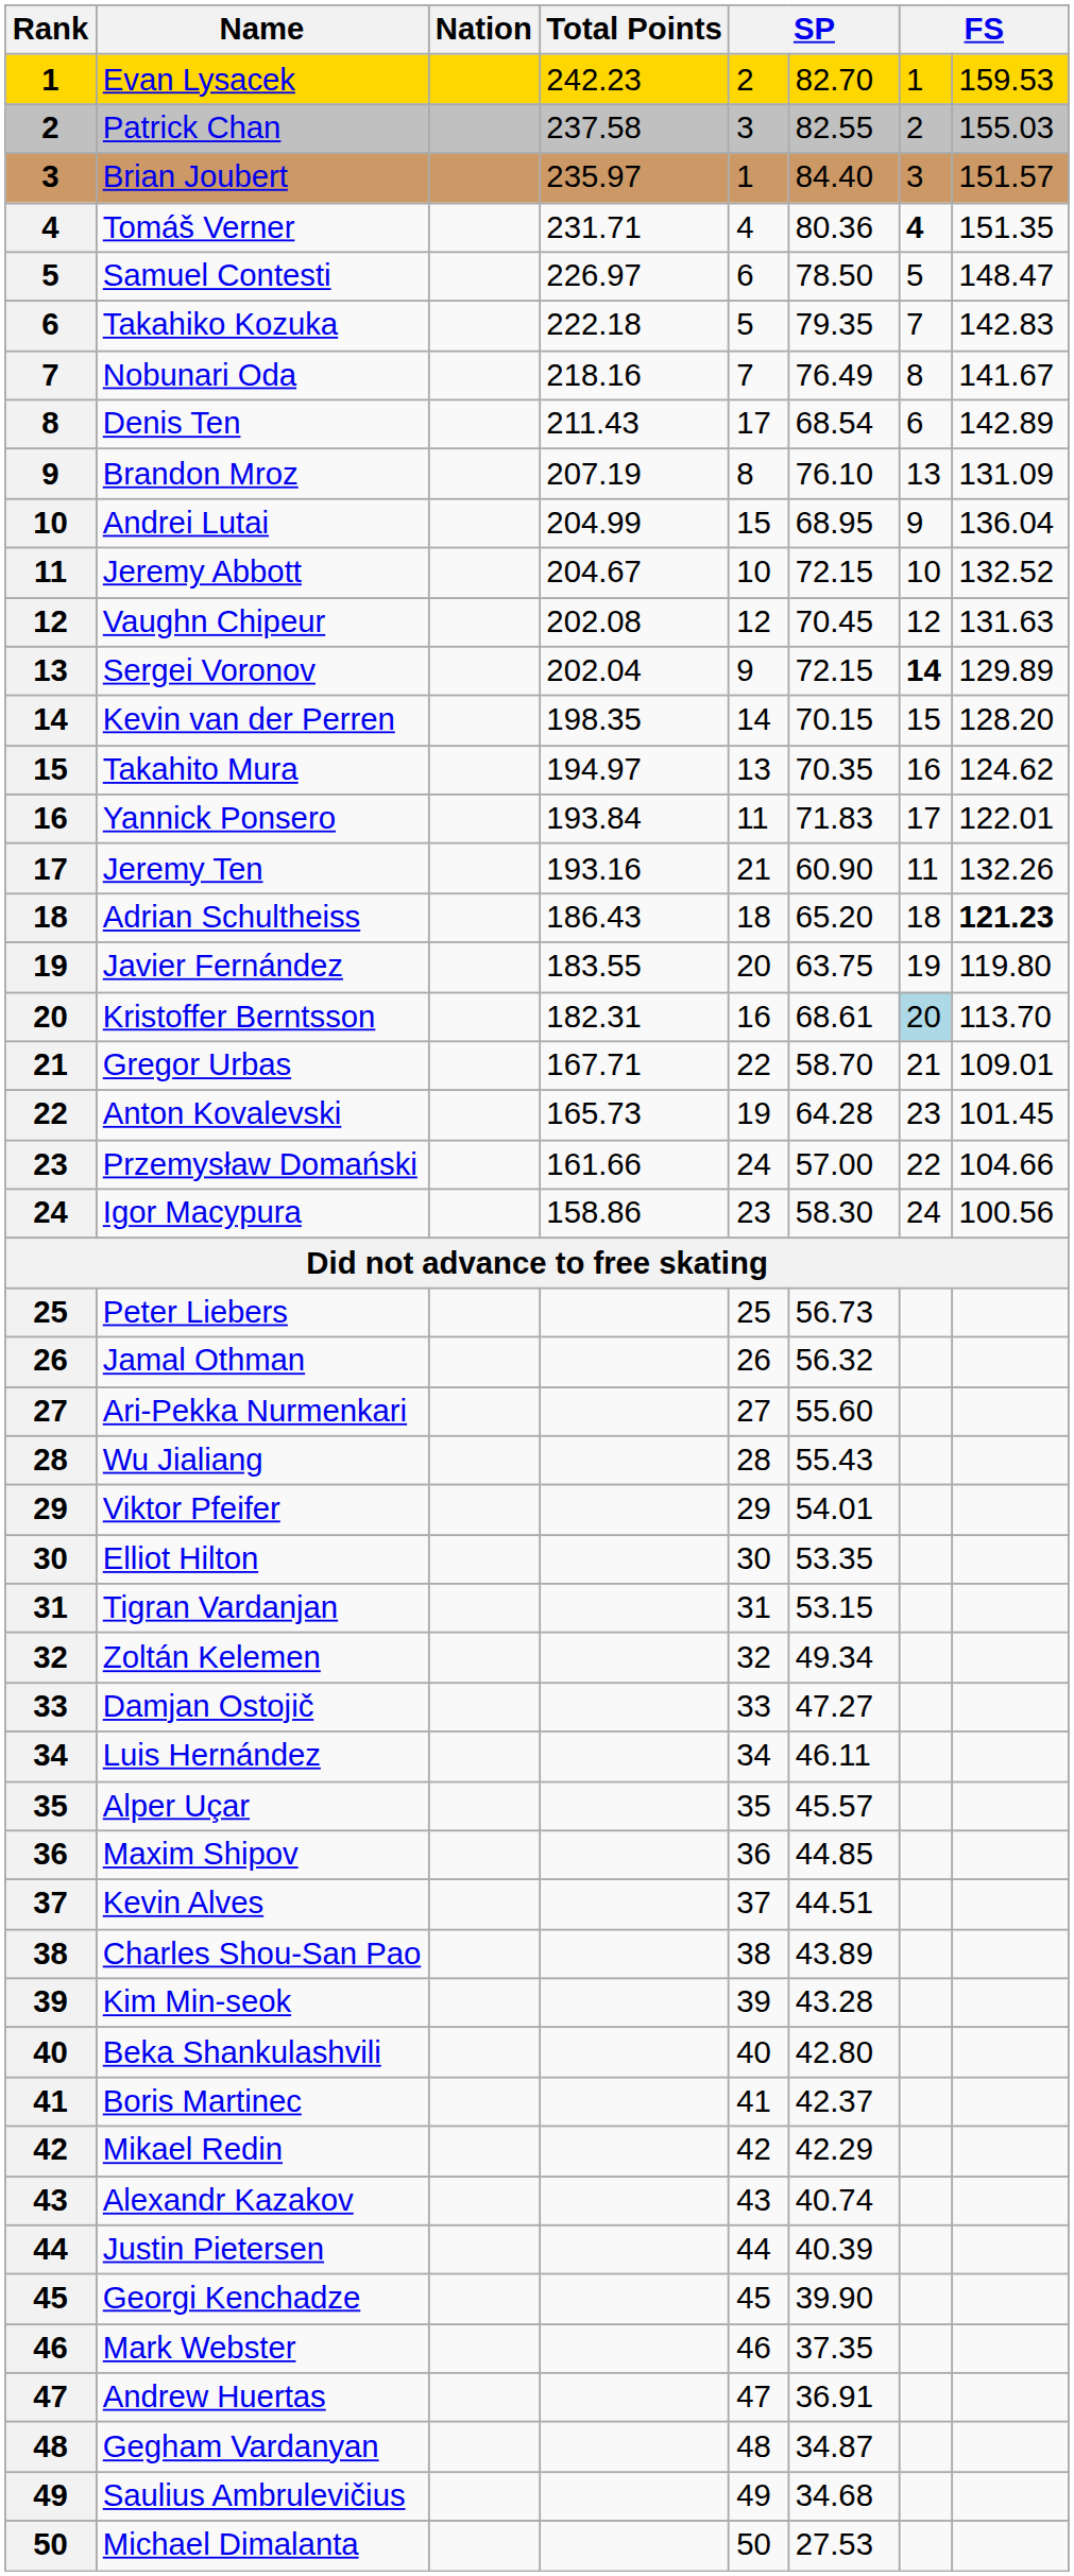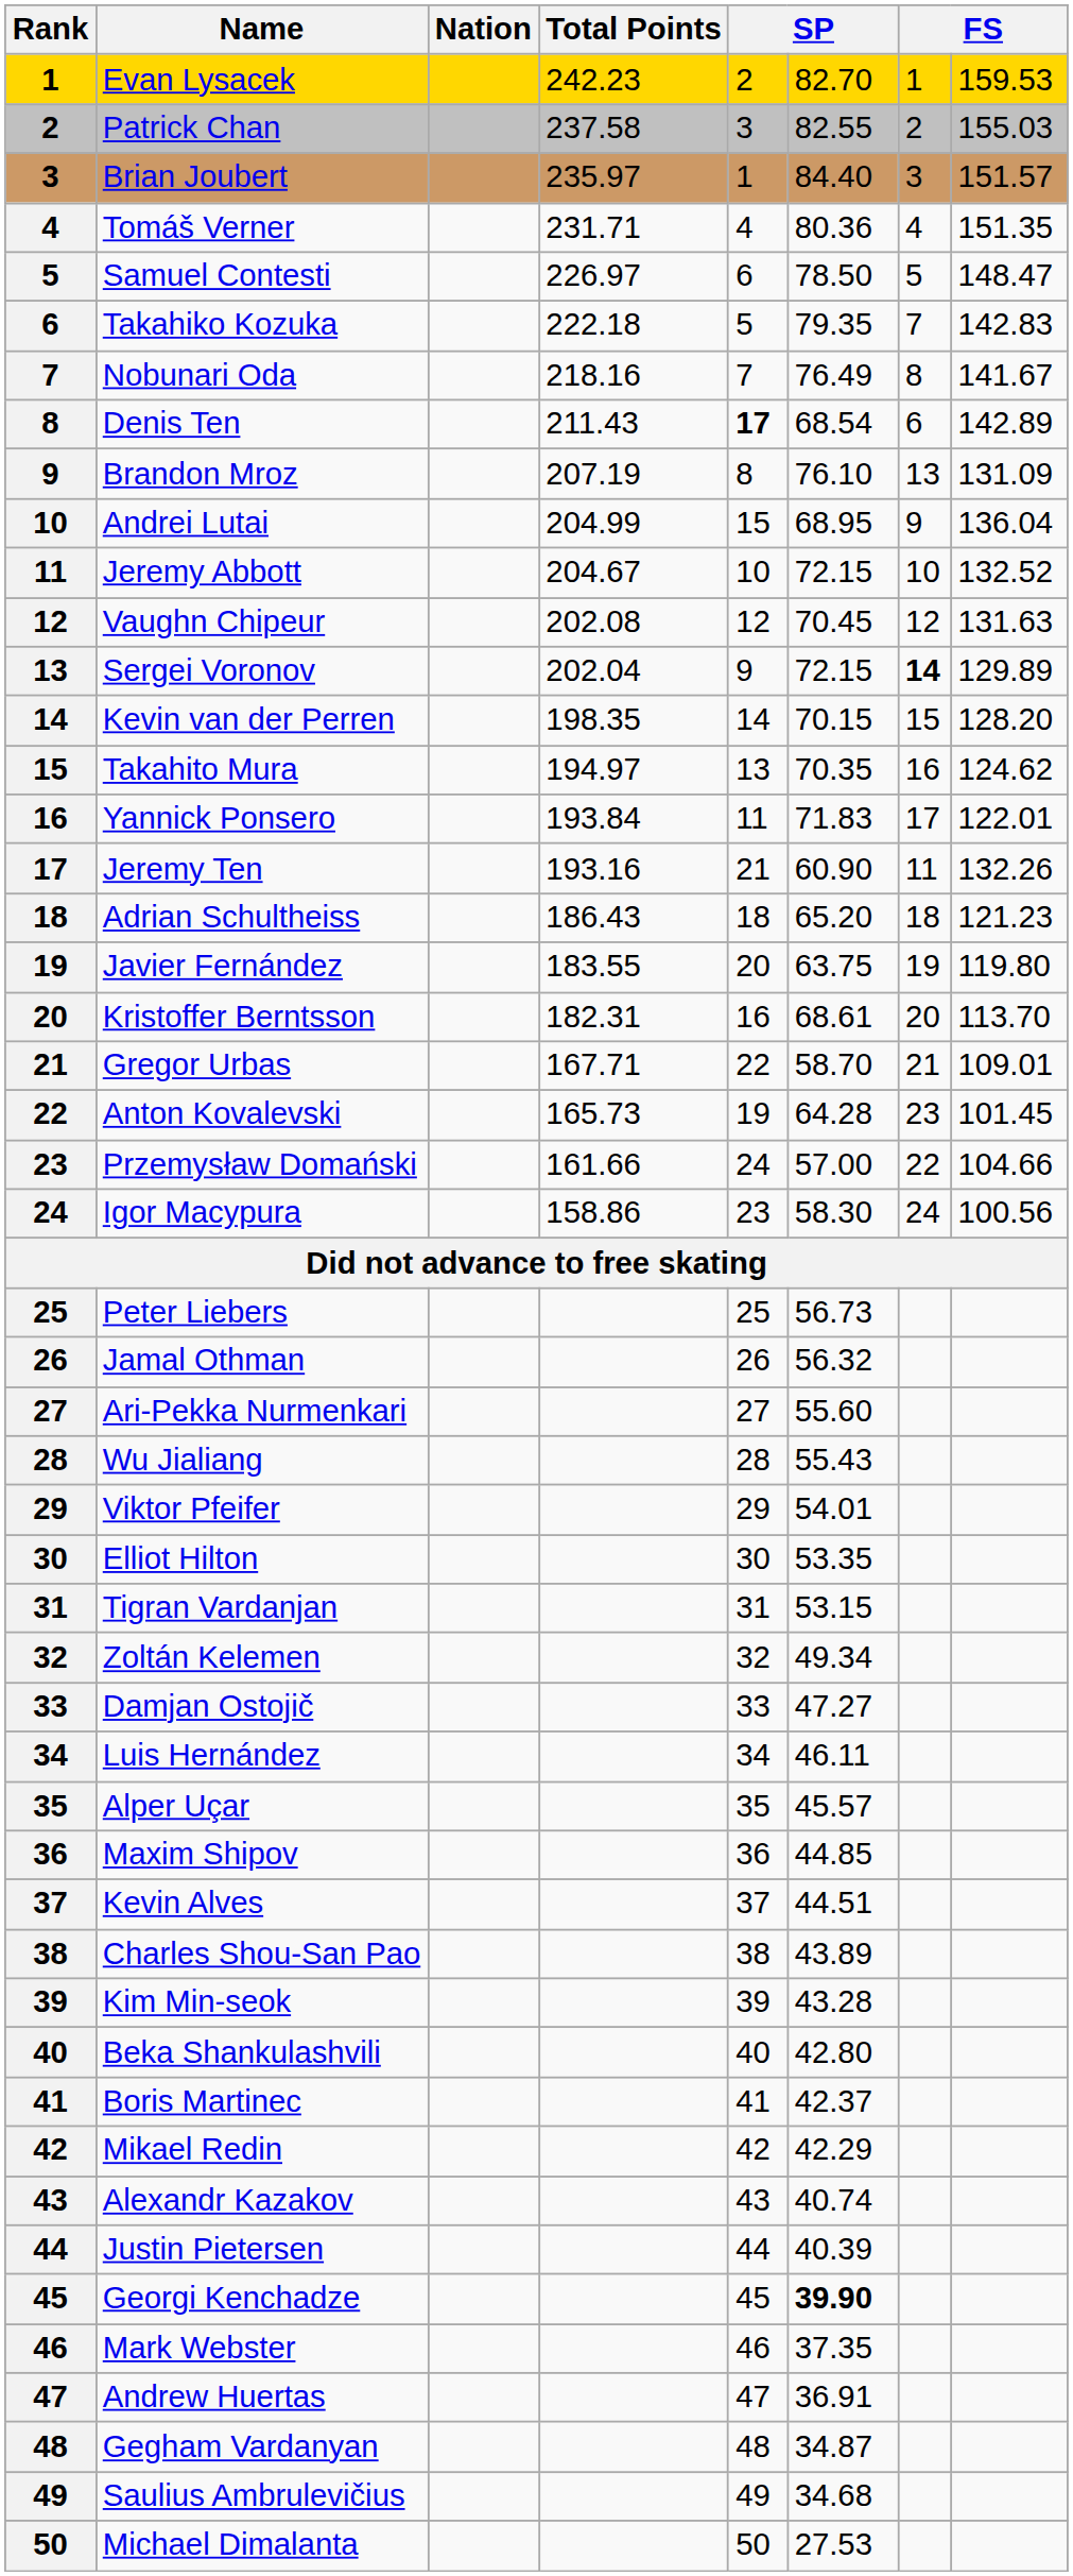 <table class="wikitable">
 <tr>
 <th>Rank</th>
 <th>Name</th>
 <th>Nation</th>
 <th>Total Points</th>
 <th colspan="2" width="80px"><a href='#'>SP</a></th>
 <th colspan="2" width="80px"><a href='#'>FS</a></th>
 </tr>
 <tr bgcolor="gold">
 <td align="center"><strong>1</strong></td>
 <td><a href='#'>Evan Lysacek</a></td>
 <td></td>
 <td>242.23</td>
 <td>2</td>
 <td>82.70</td>
 <td>1</td>
 <td>159.53</td>
 </tr>
 <tr bgcolor="silver">
 <td align="center"><strong>2</strong></td>
 <td><a href='#'>Patrick Chan</a></td>
 <td></td>
 <td>237.58</td>
 <td>3</td>
 <td>82.55</td>
 <td>2</td>
 <td>155.03</td>
 </tr>
 <tr bgcolor="cc9966">
 <td align="center"><strong>3</strong></td>
 <td><a href='#'>Brian Joubert</a></td>
 <td></td>
 <td>235.97</td>
 <td>1</td>
 <td>84.40</td>
 <td>3</td>
 <td>151.57</td>
 </tr>
 <tr>
 <th>4</th>
 <td><a href='#'>Tomáš Verner</a></td>
 <td></td>
 <td>231.71</td>
 <td>4</td>
 <td>80.36</td>
-<td><strong>4</strong></td>
+<td>4</td>
 <td>151.35</td>
 </tr>
 <tr>
 <th>5</th>
 <td><a href='#'>Samuel Contesti</a></td>
 <td></td>
 <td>226.97</td>
 <td>6</td>
 <td>78.50</td>
 <td>5</td>
 <td>148.47</td>
 </tr>
 <tr>
 <th>6</th>
 <td><a href='#'>Takahiko Kozuka</a></td>
 <td></td>
 <td>222.18</td>
 <td>5</td>
 <td>79.35</td>
 <td>7</td>
 <td>142.83</td>
 </tr>
 <tr>
 <th>7</th>
 <td><a href='#'>Nobunari Oda</a></td>
 <td></td>
 <td>218.16</td>
 <td>7</td>
 <td>76.49</td>
 <td>8</td>
 <td>141.67</td>
 </tr>
 <tr>
 <th>8</th>
 <td><a href='#'>Denis Ten</a></td>
 <td></td>
 <td>211.43</td>
-<td>17</td>
+<td><strong>17</strong></td>
 <td>68.54</td>
 <td>6</td>
 <td>142.89</td>
 </tr>
 <tr>
 <th>9</th>
 <td><a href='#'>Brandon Mroz</a></td>
 <td></td>
 <td>207.19</td>
 <td>8</td>
 <td>76.10</td>
 <td>13</td>
 <td>131.09</td>
 </tr>
 <tr>
 <th>10</th>
 <td><a href='#'>Andrei Lutai</a></td>
 <td></td>
 <td>204.99</td>
 <td>15</td>
 <td>68.95</td>
 <td>9</td>
 <td>136.04</td>
 </tr>
 <tr>
 <th>11</th>
 <td><a href='#'>Jeremy Abbott</a></td>
 <td></td>
 <td>204.67</td>
 <td>10</td>
 <td>72.15</td>
 <td>10</td>
 <td>132.52</td>
 </tr>
 <tr>
 <th>12</th>
 <td><a href='#'>Vaughn Chipeur</a></td>
 <td></td>
 <td>202.08</td>
 <td>12</td>
 <td>70.45</td>
 <td>12</td>
 <td>131.63</td>
 </tr>
 <tr>
 <th>13</th>
 <td><a href='#'>Sergei Voronov</a></td>
 <td></td>
 <td>202.04</td>
 <td>9</td>
 <td>72.15</td>
 <td><strong>14</strong></td>
 <td>129.89</td>
 </tr>
 <tr>
 <th>14</th>
 <td><a href='#'>Kevin van der Perren</a></td>
 <td></td>
 <td>198.35</td>
 <td>14</td>
 <td>70.15</td>
 <td>15</td>
 <td>128.20</td>
 </tr>
 <tr>
 <th>15</th>
 <td><a href='#'>Takahito Mura</a></td>
 <td></td>
 <td>194.97</td>
 <td>13</td>
 <td>70.35</td>
 <td>16</td>
 <td>124.62</td>
 </tr>
 <tr>
 <th>16</th>
 <td><a href='#'>Yannick Ponsero</a></td>
 <td></td>
 <td>193.84</td>
 <td>11</td>
 <td>71.83</td>
 <td>17</td>
 <td>122.01</td>
 </tr>
 <tr>
 <th>17</th>
 <td><a href='#'>Jeremy Ten</a></td>
 <td></td>
 <td>193.16</td>
 <td>21</td>
 <td>60.90</td>
 <td>11</td>
 <td>132.26</td>
 </tr>
 <tr>
 <th>18</th>
 <td><a href='#'>Adrian Schultheiss</a></td>
 <td></td>
 <td>186.43</td>
 <td>18</td>
 <td>65.20</td>
 <td>18</td>
-<td><strong>121.23</strong></td>
+<td>121.23</td>
 </tr>
 <tr>
 <th>19</th>
 <td><a href='#'>Javier Fernández</a></td>
 <td></td>
 <td>183.55</td>
 <td>20</td>
 <td>63.75</td>
 <td>19</td>
 <td>119.80</td>
 </tr>
 <tr>
 <th>20</th>
 <td><a href='#'>Kristoffer Berntsson</a></td>
 <td></td>
 <td>182.31</td>
 <td>16</td>
 <td>68.61</td>
-<td style="background: lightblue;">20</td>
+<td>20</td>
 <td>113.70</td>
 </tr>
 <tr>
 <th>21</th>
 <td><a href='#'>Gregor Urbas</a></td>
 <td></td>
 <td>167.71</td>
 <td>22</td>
 <td>58.70</td>
 <td>21</td>
 <td>109.01</td>
 </tr>
 <tr>
 <th>22</th>
 <td><a href='#'>Anton Kovalevski</a></td>
 <td></td>
 <td>165.73</td>
 <td>19</td>
 <td>64.28</td>
 <td>23</td>
 <td>101.45</td>
 </tr>
 <tr>
 <th>23</th>
 <td><a href='#'>Przemysław Domański</a></td>
 <td></td>
 <td>161.66</td>
 <td>24</td>
 <td>57.00</td>
 <td>22</td>
 <td>104.66</td>
 </tr>
 <tr>
 <th>24</th>
 <td><a href='#'>Igor Macypura</a></td>
 <td></td>
 <td>158.86</td>
 <td>23</td>
 <td>58.30</td>
 <td>24</td>
 <td>100.56</td>
 </tr>
 <tr>
 <th colspan=8>Did not advance to free skating</th>
 </tr>
 <tr>
 <th>25</th>
 <td><a href='#'>Peter Liebers</a></td>
 <td></td>
 <td></td>
 <td>25</td>
 <td>56.73</td>
 <td></td>
 <td></td>
 </tr>
 <tr>
 <th>26</th>
 <td><a href='#'>Jamal Othman</a></td>
 <td></td>
 <td></td>
 <td>26</td>
 <td>56.32</td>
 <td></td>
 <td></td>
 </tr>
 <tr>
 <th>27</th>
 <td><a href='#'>Ari-Pekka Nurmenkari</a></td>
 <td></td>
 <td></td>
 <td>27</td>
 <td>55.60</td>
 <td></td>
 <td></td>
 </tr>
 <tr>
 <th>28</th>
 <td><a href='#'>Wu Jialiang</a></td>
 <td></td>
 <td></td>
 <td>28</td>
 <td>55.43</td>
 <td></td>
 <td></td>
 </tr>
 <tr>
 <th>29</th>
 <td><a href='#'>Viktor Pfeifer</a></td>
 <td></td>
 <td></td>
 <td>29</td>
 <td>54.01</td>
 <td></td>
 <td></td>
 </tr>
 <tr>
 <th>30</th>
 <td><a href='#'>Elliot Hilton</a></td>
 <td></td>
 <td></td>
 <td>30</td>
 <td>53.35</td>
 <td></td>
 <td></td>
 </tr>
 <tr>
 <th>31</th>
 <td><a href='#'>Tigran Vardanjan</a></td>
 <td></td>
 <td></td>
 <td>31</td>
 <td>53.15</td>
 <td></td>
 <td></td>
 </tr>
 <tr>
 <th>32</th>
 <td><a href='#'>Zoltán Kelemen</a></td>
 <td></td>
 <td></td>
 <td>32</td>
 <td>49.34</td>
 <td></td>
 <td></td>
 </tr>
 <tr>
 <th>33</th>
 <td><a href='#'>Damjan Ostojič</a></td>
 <td></td>
 <td></td>
 <td>33</td>
 <td>47.27</td>
 <td></td>
 <td></td>
 </tr>
 <tr>
 <th>34</th>
 <td><a href='#'>Luis Hernández</a></td>
 <td></td>
 <td></td>
 <td>34</td>
 <td>46.11</td>
 <td></td>
 <td></td>
 </tr>
 <tr>
 <th>35</th>
 <td><a href='#'>Alper Uçar</a></td>
 <td></td>
 <td></td>
 <td>35</td>
 <td>45.57</td>
 <td></td>
 <td></td>
 </tr>
 <tr>
 <th>36</th>
 <td><a href='#'>Maxim Shipov</a></td>
 <td></td>
 <td></td>
 <td>36</td>
 <td>44.85</td>
 <td></td>
 <td></td>
 </tr>
 <tr>
 <th>37</th>
 <td><a href='#'>Kevin Alves</a></td>
 <td></td>
 <td></td>
 <td>37</td>
 <td>44.51</td>
 <td></td>
 <td></td>
 </tr>
 <tr>
 <th>38</th>
 <td><a href='#'>Charles Shou-San Pao</a></td>
 <td></td>
 <td></td>
 <td>38</td>
 <td>43.89</td>
 <td></td>
 <td></td>
 </tr>
 <tr>
 <th>39</th>
 <td><a href='#'>Kim Min-seok</a></td>
 <td></td>
 <td></td>
 <td>39</td>
 <td>43.28</td>
 <td></td>
 <td></td>
 </tr>
 <tr>
 <th>40</th>
 <td><a href='#'>Beka Shankulashvili</a></td>
 <td></td>
 <td></td>
 <td>40</td>
 <td>42.80</td>
 <td></td>
 <td></td>
 </tr>
 <tr>
 <th>41</th>
 <td><a href='#'>Boris Martinec</a></td>
 <td></td>
 <td></td>
 <td>41</td>
 <td>42.37</td>
 <td></td>
 <td></td>
 </tr>
 <tr>
 <th>42</th>
 <td><a href='#'>Mikael Redin</a></td>
 <td></td>
 <td></td>
 <td>42</td>
 <td>42.29</td>
 <td></td>
 <td></td>
 </tr>
 <tr>
 <th>43</th>
 <td><a href='#'>Alexandr Kazakov</a></td>
 <td></td>
 <td></td>
 <td>43</td>
 <td>40.74</td>
 <td></td>
 <td></td>
 </tr>
 <tr>
 <th>44</th>
 <td><a href='#'>Justin Pietersen</a></td>
 <td></td>
 <td></td>
 <td>44</td>
 <td>40.39</td>
 <td></td>
 <td></td>
 </tr>
 <tr>
 <th>45</th>
 <td><a href='#'>Georgi Kenchadze</a></td>
 <td></td>
 <td></td>
 <td>45</td>
-<td>39.90</td>
+<td><strong>39.90</strong></td>
 <td></td>
 <td></td>
 </tr>
 <tr>
 <th>46</th>
 <td><a href='#'>Mark Webster</a></td>
 <td></td>
 <td></td>
 <td>46</td>
 <td>37.35</td>
 <td></td>
 <td></td>
 </tr>
 <tr>
 <th>47</th>
 <td><a href='#'>Andrew Huertas</a></td>
 <td></td>
 <td></td>
 <td>47</td>
 <td>36.91</td>
 <td></td>
 <td></td>
 </tr>
 <tr>
 <th>48</th>
 <td><a href='#'>Gegham Vardanyan</a></td>
 <td></td>
 <td></td>
 <td>48</td>
 <td>34.87</td>
 <td></td>
 <td></td>
 </tr>
 <tr>
 <th>49</th>
 <td><a href='#'>Saulius Ambrulevičius</a></td>
 <td></td>
 <td></td>
 <td>49</td>
 <td>34.68</td>
 <td></td>
 <td></td>
 </tr>
 <tr>
 <th>50</th>
 <td><a href='#'>Michael Dimalanta</a></td>
 <td></td>
 <td></td>
 <td>50</td>
 <td>27.53</td>
 <td></td>
 <td></td>
 </tr>
 </table>
